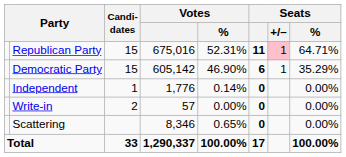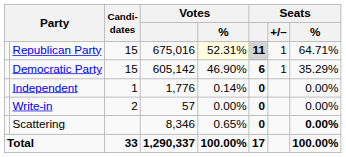 <table class="wikitable" style="font-size:100%; text-align:right;">
 <tr>
 <th colspan=2 rowspan=2>Party</th>
 <th rowspan=2><small>Candi-<br>dates</small></th>
 <th colspan=2>Votes</th>
 <th colspan=3>Seats</th>
 </tr>
 <tr>
 <th></th>
 <th>%</th>
 <th></th>
 <th>+/–</th>
 <th>%</th>
 </tr>
 <tr>
 <td style="background:"></td>
 <td align=left><a href='#'>Republican Party</a></td>
 <td>15</td>
 <td>675,016</td>
-<td>52.31%</td>
-<td><strong>11</strong></td>
-<td style="background: pink;"> 1</td>
+<td style="background: lightyellow;">52.31%</td>
+<td style="background: lightgrey;"><strong>11</strong></td>
+<td> 1</td>
 <td>64.71%</td>
 </tr>
 <tr>
 <td style="background:"></td>
 <td align=left><a href='#'>Democratic Party</a></td>
 <td>15</td>
 <td>605,142</td>
 <td>46.90%</td>
 <td><strong>6</strong></td>
 <td> 1</td>
 <td>35.29%</td>
 </tr>
 <tr>
 <td style="background:"></td>
 <td align=left><a href='#'>Independent</a></td>
 <td>1</td>
 <td>1,776</td>
 <td>0.14%</td>
 <td><strong>0</strong></td>
 <td></td>
 <td>0.00%</td>
 </tr>
 <tr>
 <td style="background:"></td>
 <td align=left><a href='#'>Write-in</a></td>
 <td>2</td>
 <td>57</td>
 <td>0.00%</td>
 <td><strong>0</strong></td>
 <td></td>
 <td>0.00%</td>
 </tr>
 <tr>
 <td></td>
 <td align=left>Scattering</td>
 <td></td>
 <td>8,346</td>
 <td>0.65%</td>
 <td><strong>0</strong></td>
 <td></td>
-<td>0.00%</td>
+<td><strong>0.00%</strong></td>
 </tr>
 <tr style="font-weight:bold">
 <td colspan=2 align=left>Total</td>
 <td>33</td>
 <td>1,290,337</td>
 <td>100.00%</td>
 <td>17</td>
 <td></td>
 <td>100.00%</td>
 </tr>
 </table>
